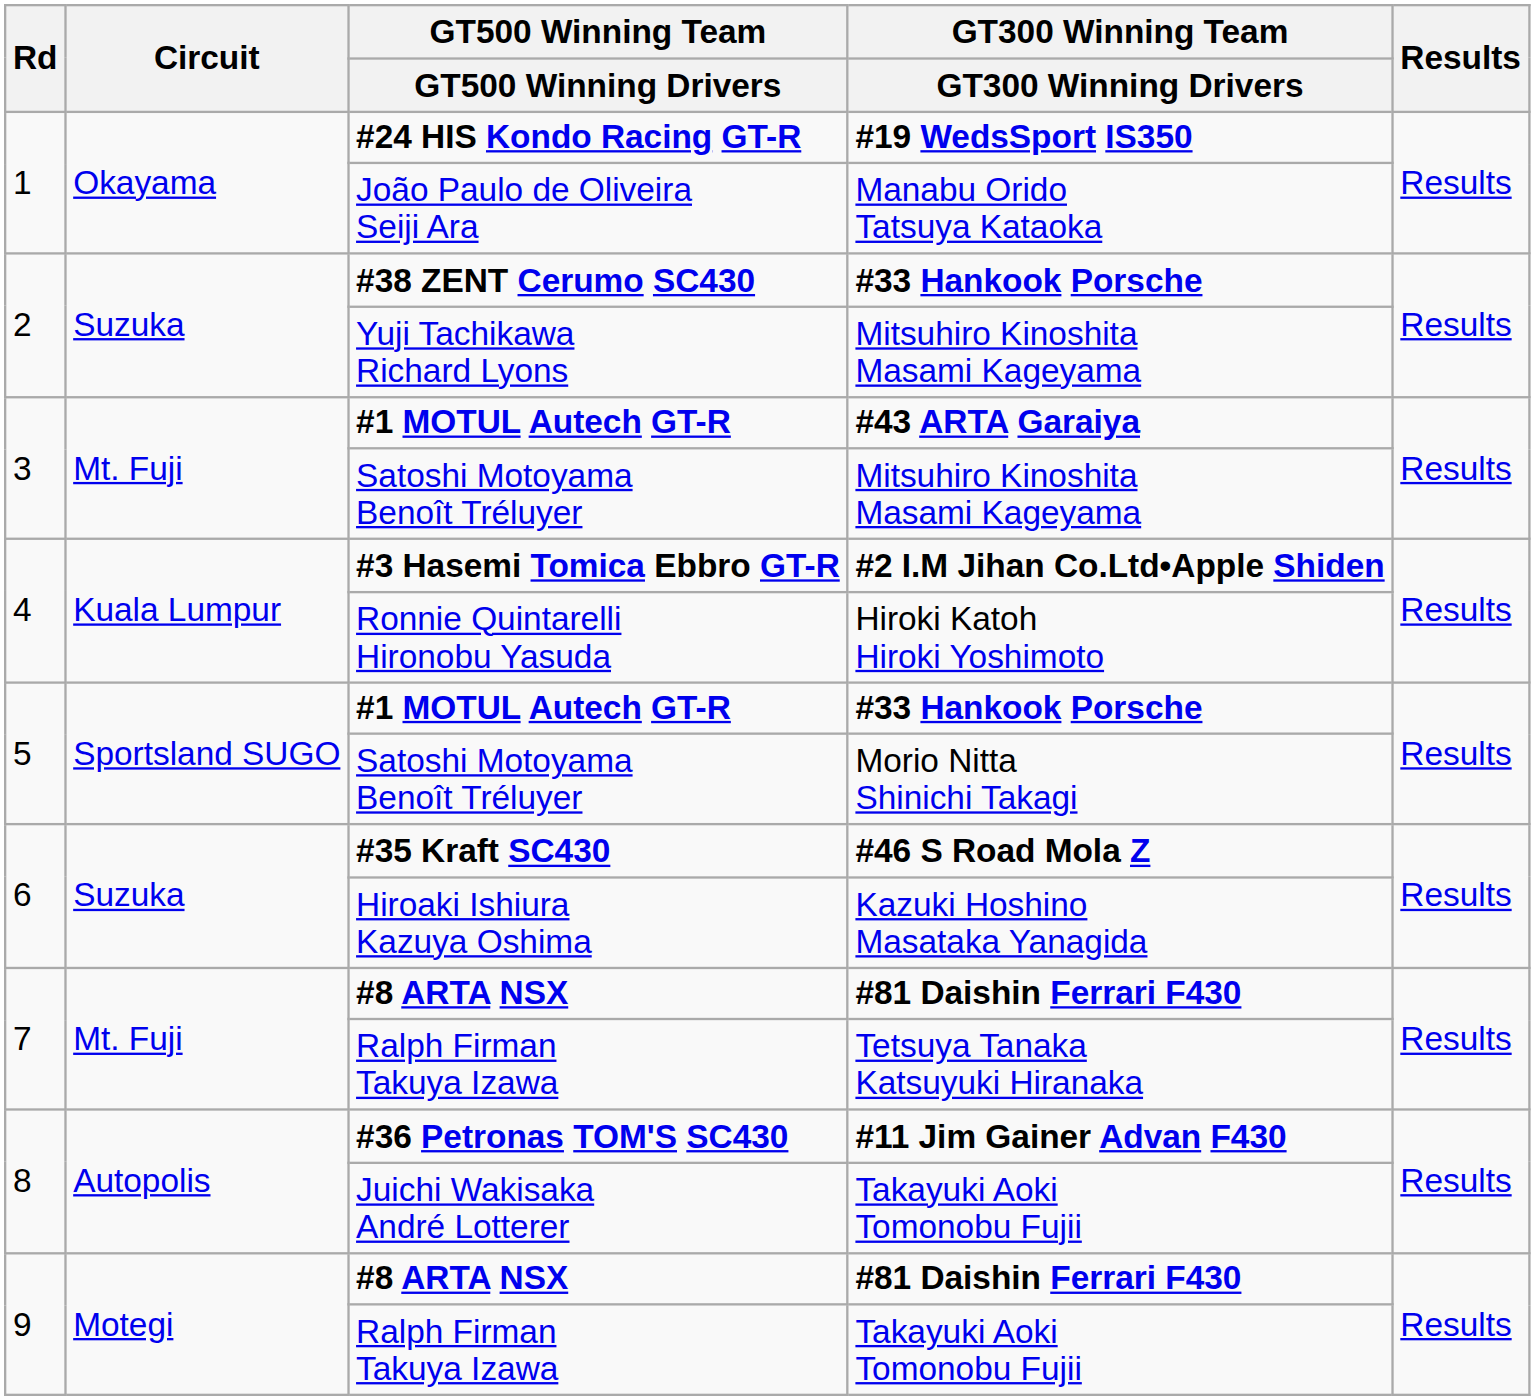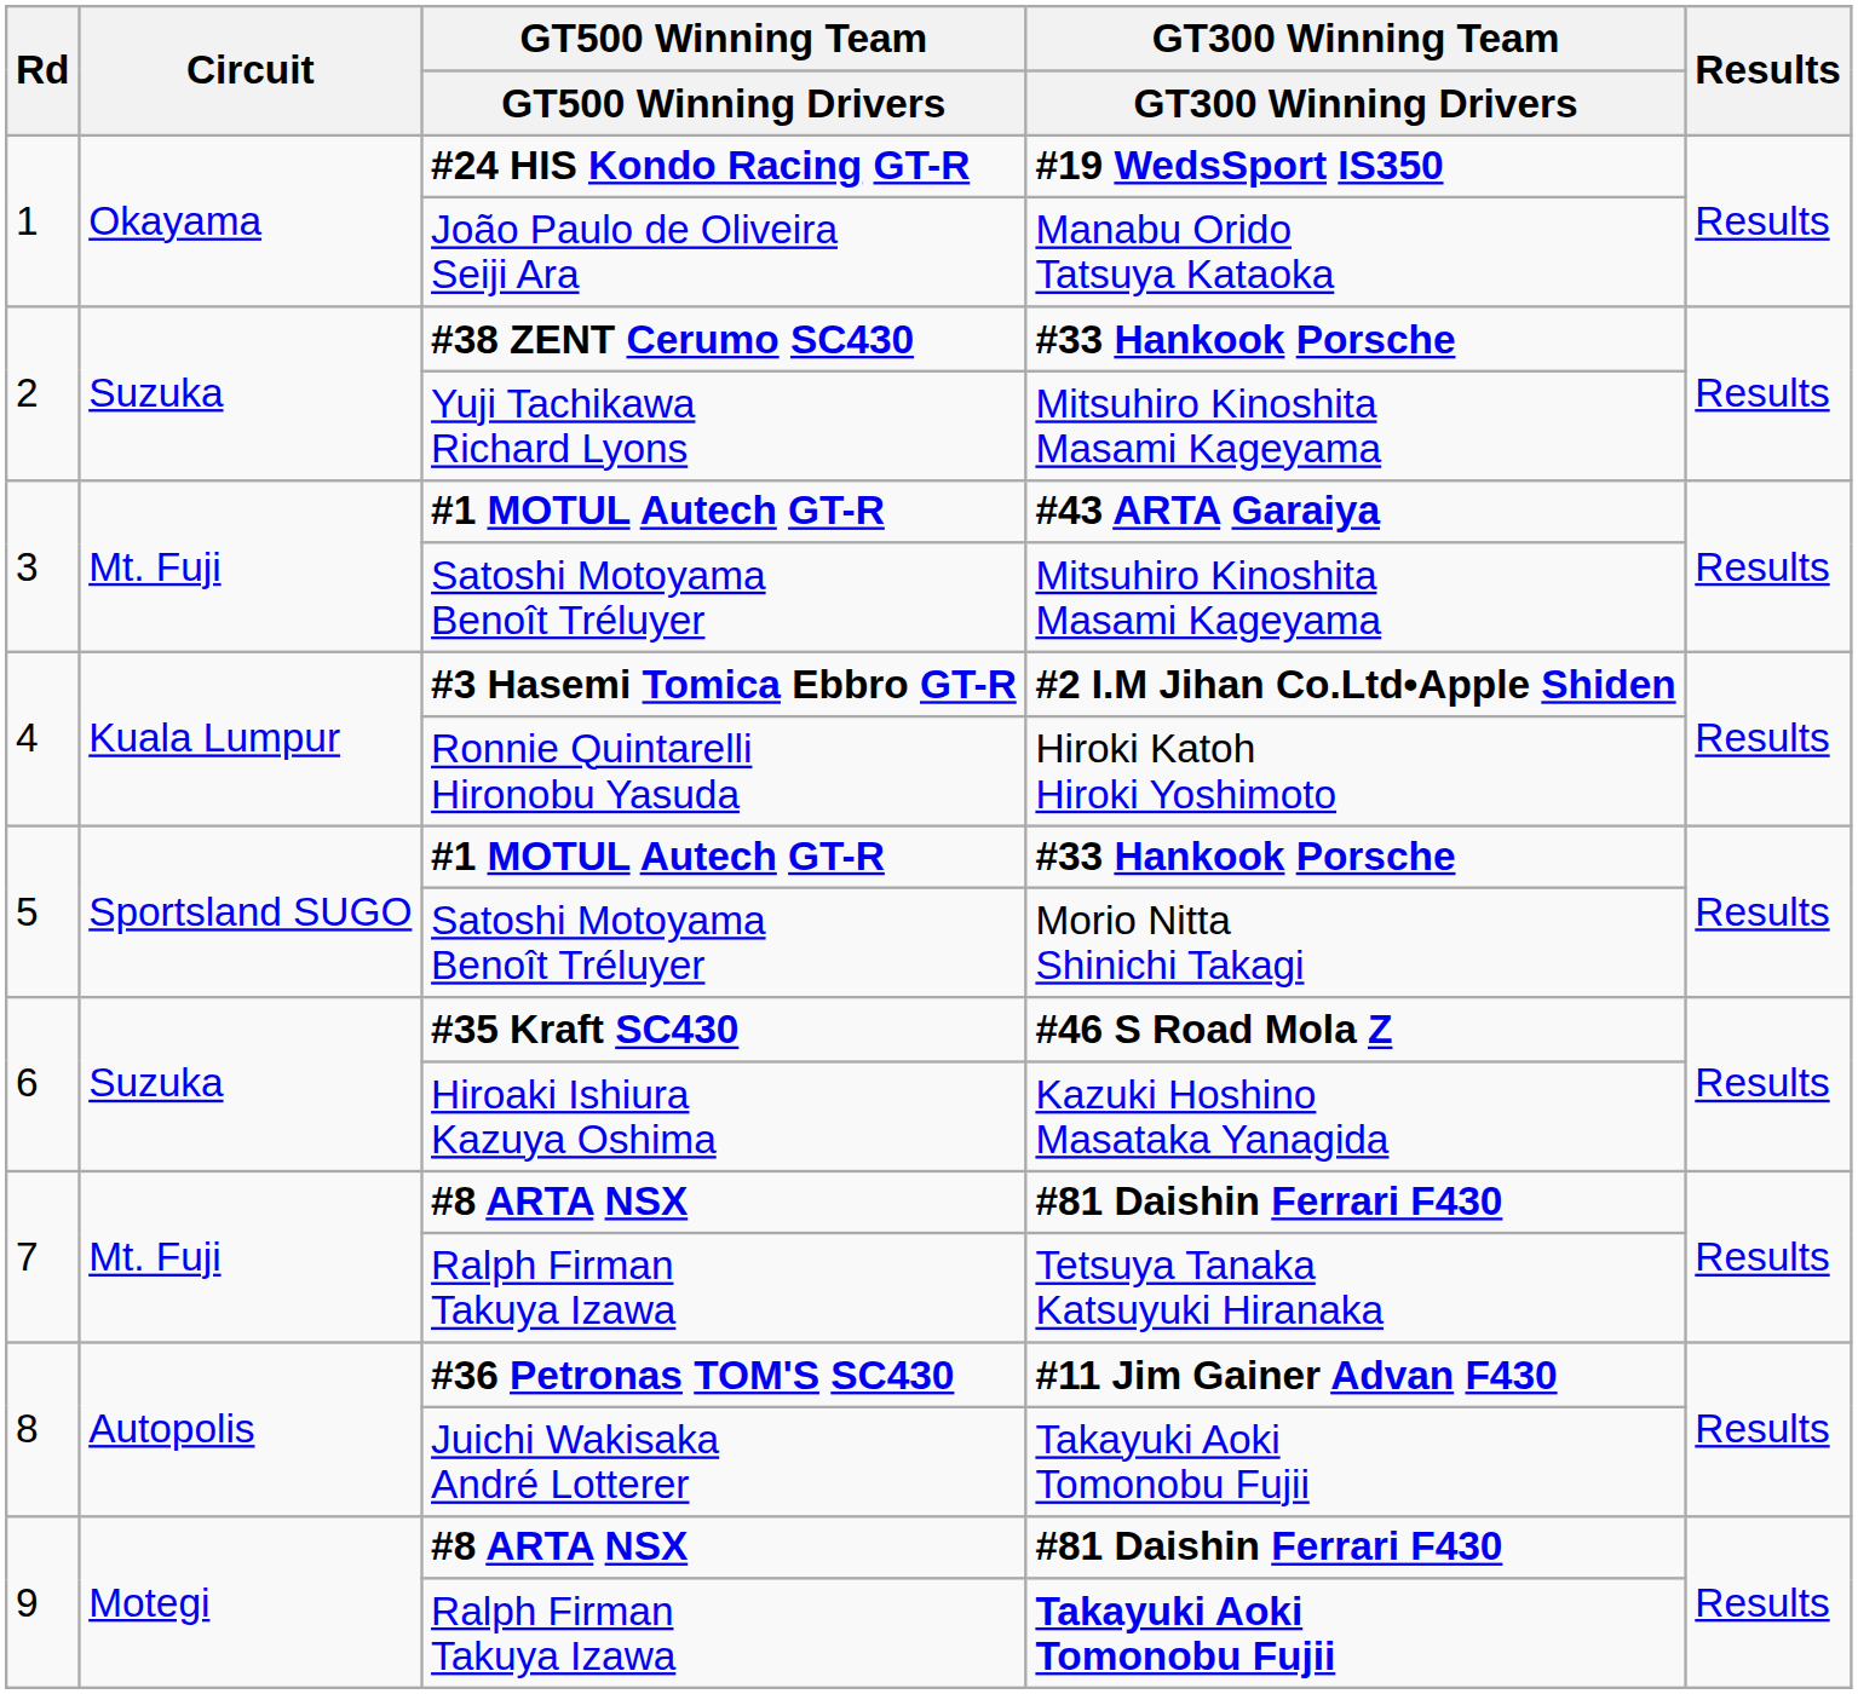 <table class="wikitable" style="font-size: 90%;">
 <tr>
 <th rowspan=2>Rd</th>
 <th rowspan=2>Circuit</th>
 <th>GT500 Winning Team</th>
 <th>GT300 Winning Team</th>
 <th rowspan=2>Results</th>
 </tr>
 <tr>
 <th>GT500 Winning Drivers</th>
 <th>GT300 Winning Drivers</th>
 </tr>
 <tr>
 <td rowspan=2>1</td>
 <td rowspan=2><a href='#'>Okayama</a></td>
 <td> <strong>#24 HIS <a href='#'>Kondo Racing</a> <a href='#'>GT-R</a></strong></td>
 <td> <strong>#19 <a href='#'>WedsSport</a> <a href='#'>IS350</a></strong></td>
 <td rowspan=2><a href='#'>Results</a></td>
 </tr>
 <tr>
 <td> <a href='#'>João Paulo de Oliveira</a><br> <a href='#'>Seiji Ara</a></td>
 <td> <a href='#'>Manabu Orido</a><br> <a href='#'>Tatsuya Kataoka</a></td>
 </tr>
 <tr>
 <td rowspan=2>2</td>
 <td rowspan=2><a href='#'>Suzuka</a></td>
 <td> <strong>#38 ZENT <a href='#'>Cerumo</a> <a href='#'>SC430</a></strong></td>
 <td> <strong>#33 <a href='#'>Hankook</a> <a href='#'>Porsche</a></strong></td>
 <td rowspan=2><a href='#'>Results</a></td>
 </tr>
 <tr>
 <td> <a href='#'>Yuji Tachikawa</a><br> <a href='#'>Richard Lyons</a></td>
 <td> <a href='#'>Mitsuhiro Kinoshita</a> <br> <a href='#'>Masami Kageyama</a></td>
 </tr>
 <tr>
 <td rowspan=2>3</td>
 <td rowspan=2><a href='#'>Mt. Fuji</a></td>
 <td> <strong>#1 <a href='#'>MOTUL</a> <a href='#'>Autech</a> <a href='#'>GT-R</a></strong></td>
 <td> <strong>#43 <a href='#'>ARTA</a> <a href='#'>Garaiya</a></strong></td>
 <td rowspan=2><a href='#'>Results</a></td>
 </tr>
 <tr>
 <td> <a href='#'>Satoshi Motoyama</a> <br> <a href='#'>Benoît Tréluyer</a></td>
 <td> <a href='#'>Mitsuhiro Kinoshita</a> <br> <a href='#'>Masami Kageyama</a></td>
 </tr>
 <tr>
 <td rowspan=2>4</td>
 <td rowspan=2><a href='#'>Kuala Lumpur</a></td>
 <td> <strong>#3 Hasemi <a href='#'>Tomica</a> Ebbro <a href='#'>GT-R</a></strong></td>
 <td> <strong>#2 I.M Jihan Co.Ltd•Apple <a href='#'>Shiden</a></strong></td>
 <td rowspan=2><a href='#'>Results</a></td>
 </tr>
 <tr>
 <td> <a href='#'>Ronnie Quintarelli</a><br> <a href='#'>Hironobu Yasuda</a></td>
 <td> Hiroki Katoh<br> <a href='#'>Hiroki Yoshimoto</a></td>
 </tr>
 <tr>
 <td rowspan=2>5</td>
 <td rowspan=2><a href='#'>Sportsland SUGO</a></td>
 <td> <strong>#1 <a href='#'>MOTUL</a> <a href='#'>Autech</a> <a href='#'>GT-R</a></strong></td>
 <td> <strong>#33 <a href='#'>Hankook</a> <a href='#'>Porsche</a></strong></td>
 <td rowspan=2><a href='#'>Results</a></td>
 </tr>
 <tr>
 <td> <a href='#'>Satoshi Motoyama</a> <br> <a href='#'>Benoît Tréluyer</a></td>
 <td> Morio Nitta <br> <a href='#'>Shinichi Takagi</a></td>
 </tr>
 <tr>
 <td rowspan=2>6</td>
 <td rowspan=2><a href='#'>Suzuka</a></td>
 <td> <strong>#35 Kraft <a href='#'>SC430</a></strong></td>
 <td> <strong>#46 S Road Mola <a href='#'>Z</a></strong></td>
 <td rowspan=2><a href='#'>Results</a></td>
 </tr>
 <tr>
 <td> <a href='#'>Hiroaki Ishiura</a><br>  <a href='#'>Kazuya Oshima</a></td>
 <td> <a href='#'>Kazuki Hoshino</a><br> <a href='#'>Masataka Yanagida</a></td>
 </tr>
 <tr>
 <td rowspan=2>7</td>
 <td rowspan=2><a href='#'>Mt. Fuji</a></td>
 <td> <strong>#8 <a href='#'>ARTA</a> <a href='#'>NSX</a></strong></td>
 <td> <strong>#81 Daishin <a href='#'>Ferrari F430</a></strong></td>
 <td rowspan=2><a href='#'>Results</a></td>
 </tr>
 <tr>
 <td> <a href='#'>Ralph Firman</a> <br> <a href='#'>Takuya Izawa</a></td>
 <td> <a href='#'>Tetsuya Tanaka</a> <br> <a href='#'>Katsuyuki Hiranaka</a></td>
 </tr>
 <tr>
 <td rowspan=2>8</td>
 <td rowspan=2><a href='#'>Autopolis</a></td>
 <td> <strong>#36 <a href='#'>Petronas</a> <a href='#'>TOM'S</a> <a href='#'>SC430</a></strong></td>
 <td> <strong>#11 Jim Gainer <a href='#'>Advan</a> <a href='#'>F430</a></strong></td>
 <td rowspan=2><a href='#'>Results</a></td>
 </tr>
 <tr>
 <td> <a href='#'>Juichi Wakisaka</a> <br> <a href='#'>André Lotterer</a></td>
 <td> <a href='#'>Takayuki Aoki</a><br> <a href='#'>Tomonobu Fujii</a></td>
 </tr>
 <tr>
 <td rowspan=2>9</td>
 <td rowspan=2><a href='#'>Motegi</a></td>
 <td> <strong>#8 <a href='#'>ARTA</a> <a href='#'>NSX</a></strong></td>
 <td> <strong>#81 Daishin <a href='#'>Ferrari F430</a></strong></td>
 <td rowspan=2><a href='#'>Results</a></td>
 </tr>
 <tr>
 <td> <a href='#'>Ralph Firman</a> <br> <a href='#'>Takuya Izawa</a></td>
-<td> <a href='#'>Takayuki Aoki</a><br> <a href='#'>Tomonobu Fujii</a></td>
+<td><strong> <a href='#'>Takayuki Aoki</a><br> <a href='#'>Tomonobu Fujii</a></strong></td>
 </tr>
 </table>
